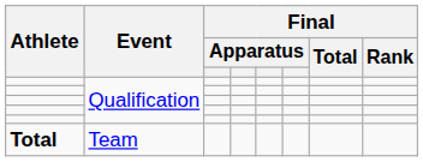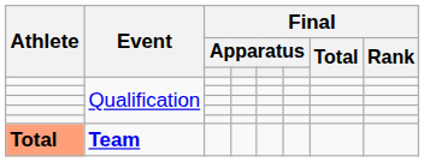 <table class="wikitable" style="font-size:90%">
 <tr>
 <th rowspan=3>Athlete</th>
 <th rowspan=3>Event</th>
 <th colspan=6>Final</th>
 </tr>
 <tr style="font-size:95%">
 <th colspan=4>Apparatus</th>
 <th rowspan=2>Total</th>
 <th rowspan=2>Rank</th>
 </tr>
 <tr style="font-size:95%">
 <th></th>
 <th></th>
 <th></th>
 <th></th>
 </tr>
 <tr align=center>
 <td align=left></td>
 <td style="text-align:left;" rowspan="5"><a href='#'>Qualification</a></td>
 <td></td>
 <td></td>
 <td></td>
 <td></td>
 <td></td>
 <td></td>
 </tr>
 <tr align=center>
 <td align=left></td>
 <td></td>
 <td></td>
 <td></td>
 <td></td>
 <td></td>
 <td></td>
 </tr>
 <tr align=center>
 <td align=left></td>
 <td></td>
 <td></td>
 <td></td>
 <td></td>
 <td></td>
 <td></td>
 </tr>
 <tr align=center>
 <td align=left></td>
 <td></td>
 <td></td>
 <td></td>
 <td></td>
 <td></td>
 <td></td>
 </tr>
 <tr align=center>
 <td align=left></td>
 <td></td>
 <td></td>
 <td></td>
 <td></td>
 <td></td>
 <td></td>
 </tr>
 <tr align=center>
-<td align=left><strong>Total</strong></td>
-<td style="text-align:left;"><a href='#'>Team</a></td>
+<td align=left style="background: lightsalmon;"><strong>Total</strong></td>
+<td style="text-align:left;"><strong><a href='#'>Team</a></strong></td>
 <td></td>
 <td></td>
 <td></td>
 <td></td>
 <td></td>
 <td></td>
 </tr>
 </table>
